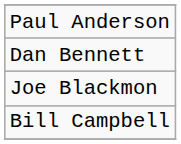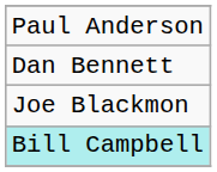 <table class="wikitable">
 <tr>
 </tr>
 <tr>
 <td>Paul Anderson</td>
 </tr>
 <tr>
 <td>Dan Bennett</td>
 </tr>
 <tr>
 <td>Joe Blackmon</td>
 </tr>
 <tr>
-<td>Bill Campbell</td>
+<td style="background: paleturquoise;">Bill Campbell</td>
 </tr>
 <tr>
 </tr>
 </table>
